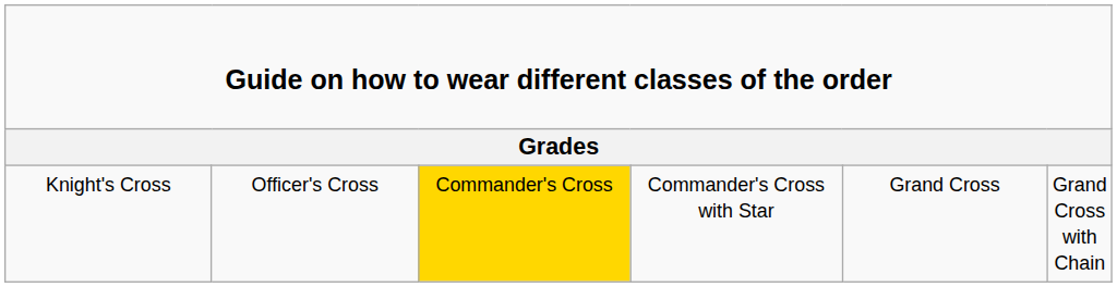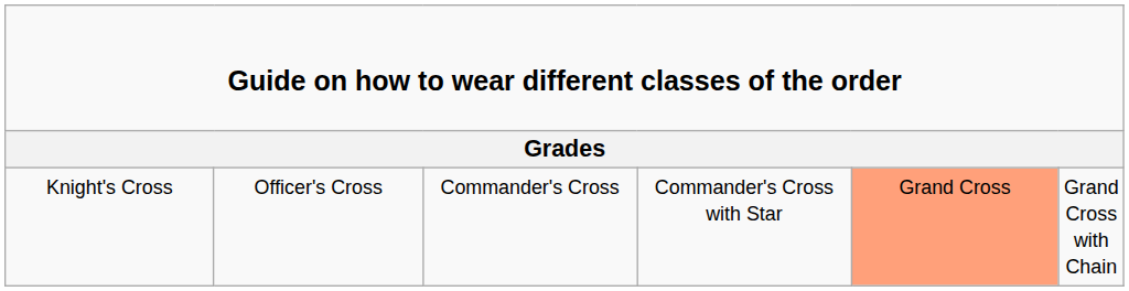 <table class="wikitable" width="60%" align="center">
 <tr>
 <td colspan="6" align="center"><br><h3>Guide on how to wear different classes of the order</h3></td>
 </tr>
 <tr>
 <th colspan="6">Grades</th>
 </tr>
 <tr>
 <td align="center" valign="top" width="20%"><small>Knight's Cross</small></td>
 <td align="center" valign="top" width="20%"><small>Officer's Cross</small></td>
-<td align="center" valign="top" width="20%" style="background: gold;"><small>Commander's Cross</small></td>
+<td align="center" valign="top" width="20%"><small>Commander's Cross</small></td>
 <td align="center" valign="top" width="20%"><small>Commander's Cross with Star</small></td>
-<td align="center" valign="top" width="20%"><small>Grand Cross</small></td>
+<td align="center" valign="top" width="20%" style="background: lightsalmon;"><small>Grand Cross</small></td>
 <td align="center" valign="top" width="20%"><small>Grand Cross with Chain</small></td>
 </tr>
 </table>
